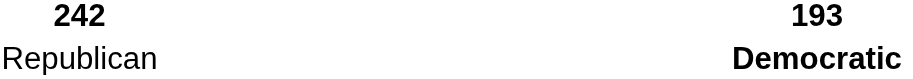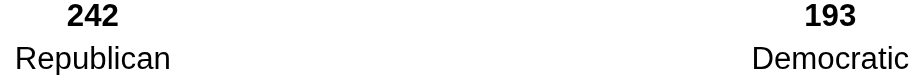 <table style="width:60%; text-align:center">
 <tr>
 <td colspan=3 style="text-align:center"></td>
 </tr>
 <tr>
 <td style="background:"><strong>242</strong></td>
 <td style="background:"><strong>193</strong></td>
 </tr>
 <tr>
 <td>Republican</td>
-<td><strong>Democratic</strong></td>
+<td>Democratic</td>
 </tr>
 </table>
